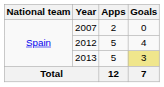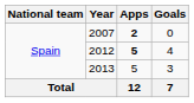 <table class="wikitable" style="text-align: center;">
 <tr>
 <th>National team</th>
 <th>Year</th>
 <th>Apps</th>
 <th>Goals</th>
 </tr>
 <tr>
 <td rowspan="3"><a href='#'>Spain</a></td>
 <td>2007</td>
-<td>2</td>
+<td><strong>2</strong></td>
 <td>0</td>
 </tr>
 <tr>
 <td>2012</td>
-<td>5</td>
+<td><strong>5</strong></td>
 <td>4</td>
 </tr>
 <tr>
 <td>2013</td>
 <td>5</td>
-<td style="background: khaki;">3</td>
+<td>3</td>
 </tr>
 <tr>
 <th colspan="2">Total</th>
 <th>12</th>
 <th>7</th>
 </tr>
 </table>
